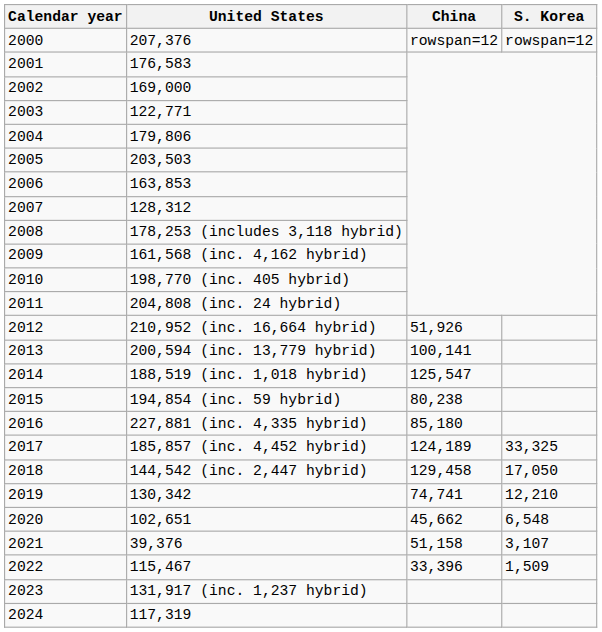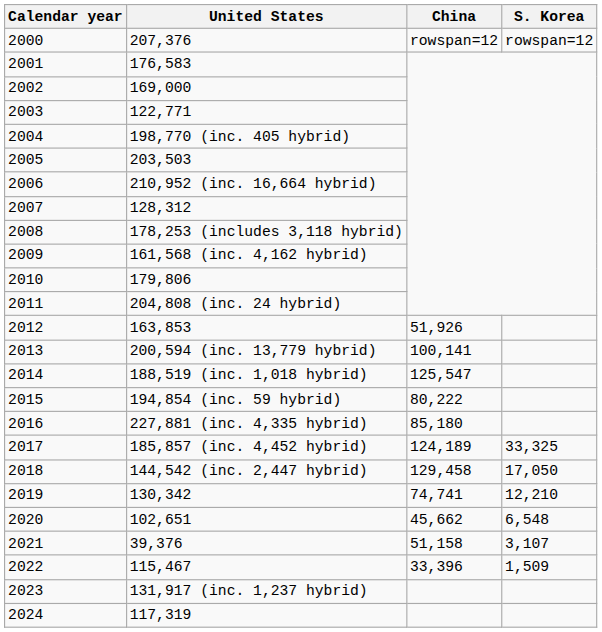 <table class="wikitable sortable">
 <tr>
 <th>Calendar year</th>
 <th>United States</th>
 <th>China</th>
 <th>S. Korea</th>
 </tr>
 <tr>
 <td>2000</td>
 <td>207,376</td>
 <td>rowspan=12 </td>
 <td>rowspan=12 </td>
 </tr>
 <tr>
 <td>2001</td>
 <td>176,583</td>
 </tr>
 <tr>
 <td>2002</td>
 <td>169,000</td>
 </tr>
 <tr>
 <td>2003</td>
 <td>122,771</td>
 </tr>
 <tr>
 <td>2004</td>
-<td>179,806</td>
+<td>198,770 (inc. 405 hybrid)</td>
 </tr>
 <tr>
 <td>2005</td>
 <td>203,503</td>
 </tr>
 <tr>
 <td>2006</td>
-<td>163,853</td>
+<td>210,952 (inc. 16,664 hybrid)</td>
 </tr>
 <tr>
 <td>2007</td>
 <td>128,312</td>
 </tr>
 <tr>
 <td>2008</td>
 <td>178,253 (includes 3,118 hybrid)</td>
 </tr>
 <tr>
 <td>2009</td>
 <td>161,568 (inc. 4,162 hybrid)</td>
 </tr>
 <tr>
 <td>2010</td>
-<td>198,770 (inc. 405 hybrid)</td>
+<td>179,806</td>
 </tr>
 <tr>
 <td>2011</td>
 <td>204,808 (inc. 24 hybrid)</td>
 </tr>
 <tr>
 <td>2012</td>
-<td>210,952 (inc. 16,664 hybrid)</td>
+<td>163,853</td>
 <td>51,926</td>
 <td></td>
 </tr>
 <tr>
 <td>2013</td>
 <td>200,594 (inc. 13,779 hybrid)</td>
 <td>100,141</td>
 <td></td>
 </tr>
 <tr>
 <td>2014</td>
 <td>188,519 (inc. 1,018 hybrid)</td>
 <td>125,547</td>
 <td></td>
 </tr>
 <tr>
 <td>2015</td>
 <td>194,854 (inc. 59 hybrid)</td>
-<td>80,238</td>
+<td>80,222</td>
 <td></td>
 </tr>
 <tr>
 <td>2016</td>
 <td>227,881 (inc. 4,335 hybrid)</td>
 <td>85,180</td>
 <td></td>
 </tr>
 <tr>
 <td>2017</td>
 <td>185,857 (inc. 4,452 hybrid)</td>
 <td>124,189</td>
 <td>33,325</td>
 </tr>
 <tr>
 <td>2018</td>
 <td>144,542 (inc. 2,447 hybrid)</td>
 <td>129,458</td>
 <td>17,050</td>
 </tr>
 <tr>
 <td>2019</td>
 <td>130,342</td>
 <td>74,741</td>
 <td>12,210</td>
 </tr>
 <tr>
 <td>2020</td>
 <td>102,651</td>
 <td>45,662</td>
 <td>6,548</td>
 </tr>
 <tr>
 <td>2021</td>
 <td>39,376</td>
 <td>51,158</td>
 <td>3,107</td>
 </tr>
 <tr>
 <td>2022</td>
 <td>115,467</td>
 <td>33,396</td>
 <td>1,509</td>
 </tr>
 <tr>
 <td>2023</td>
 <td>131,917 (inc. 1,237 hybrid)</td>
 <td></td>
 <td></td>
 </tr>
 <tr>
 <td>2024</td>
 <td>117,319</td>
 <td></td>
 <td></td>
 </tr>
 </table>
